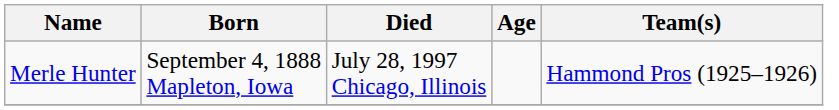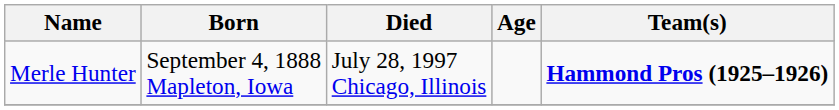 <table class="wikitable sortable" style="text-align: left;">
 <tr>
 <th scope="col">Name</th>
 <th scope="col" class="unsortable">Born </th>
 <th scope="col" class="unsortable">Died </th>
 <th scope="col">Age</th>
 <th scope="col" class="unsortable">Team(s)</th>
 </tr>
 <tr>
 <td data-sort-value="Hunter, Merle"><a href='#'>Merle Hunter</a></td>
 <td>September 4, 1888<br><a href='#'>Mapleton, Iowa</a></td>
 <td>July 28, 1997<br><a href='#'>Chicago, Illinois</a></td>
 <td></td>
-<td><a href='#'>Hammond Pros</a> (1925–1926)</td>
+<td><strong><a href='#'>Hammond Pros</a> (1925–1926)</strong></td>
 </tr>
 <tr>
 </tr>
 </table>
